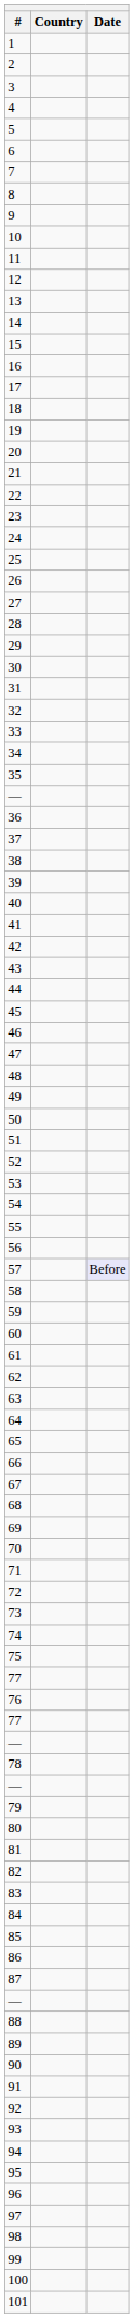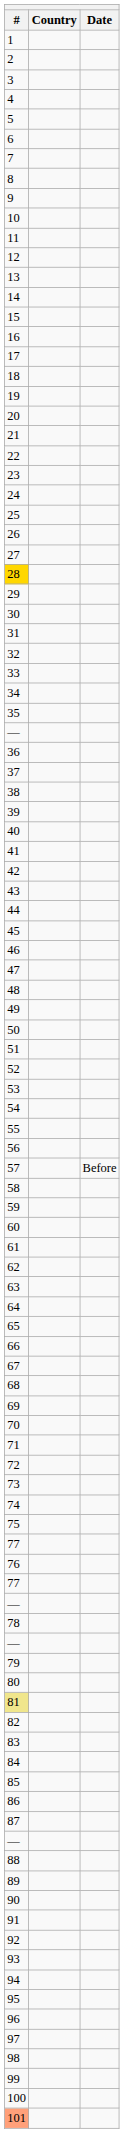 <table class="wikitable sortable">
 <tr>
 <th colspan="3"></th>
 </tr>
 <tr>
 <th>#</th>
 <th>Country</th>
 <th>Date</th>
 </tr>
 <tr>
 <td>1</td>
 <td></td>
 <td></td>
 </tr>
 <tr>
 <td>2</td>
 <td></td>
 <td></td>
 </tr>
 <tr>
 <td>3</td>
 <td></td>
 <td></td>
 </tr>
 <tr>
 <td>4</td>
 <td></td>
 <td></td>
 </tr>
 <tr>
 <td>5</td>
 <td></td>
 <td></td>
 </tr>
 <tr>
 <td>6</td>
 <td></td>
 <td></td>
 </tr>
 <tr>
 <td>7</td>
 <td></td>
 <td></td>
 </tr>
 <tr>
 <td>8</td>
 <td></td>
 <td></td>
 </tr>
 <tr>
 <td>9</td>
 <td></td>
 <td></td>
 </tr>
 <tr>
 <td>10</td>
 <td></td>
 <td></td>
 </tr>
 <tr>
 <td>11</td>
 <td></td>
 <td></td>
 </tr>
 <tr>
 <td>12</td>
 <td></td>
 <td></td>
 </tr>
 <tr>
 <td>13</td>
 <td></td>
 <td></td>
 </tr>
 <tr>
 <td>14</td>
 <td></td>
 <td></td>
 </tr>
 <tr>
 <td>15</td>
 <td></td>
 <td></td>
 </tr>
 <tr>
 <td>16</td>
 <td></td>
 <td></td>
 </tr>
 <tr>
 <td>17</td>
 <td></td>
 <td></td>
 </tr>
 <tr>
 <td>18</td>
 <td></td>
 <td></td>
 </tr>
 <tr>
 <td>19</td>
 <td></td>
 <td></td>
 </tr>
 <tr>
 <td>20</td>
 <td></td>
 <td></td>
 </tr>
 <tr>
 <td>21</td>
 <td></td>
 <td></td>
 </tr>
 <tr>
 <td>22</td>
 <td></td>
 <td></td>
 </tr>
 <tr>
 <td>23</td>
 <td></td>
 <td></td>
 </tr>
 <tr>
 <td>24</td>
 <td></td>
 <td></td>
 </tr>
 <tr>
 <td>25</td>
 <td></td>
 <td></td>
 </tr>
 <tr>
 <td>26</td>
 <td></td>
 <td></td>
 </tr>
 <tr>
 <td>27</td>
 <td></td>
 <td></td>
 </tr>
 <tr>
-<td>28</td>
+<td style="background: gold;">28</td>
 <td></td>
 <td></td>
 </tr>
 <tr>
 <td>29</td>
 <td></td>
 <td></td>
 </tr>
 <tr>
 <td>30</td>
 <td></td>
 <td></td>
 </tr>
 <tr>
 <td>31</td>
 <td></td>
 <td></td>
 </tr>
 <tr>
 <td>32</td>
 <td></td>
 <td></td>
 </tr>
 <tr>
 <td>33</td>
 <td></td>
 <td></td>
 </tr>
 <tr>
 <td>34</td>
 <td></td>
 <td></td>
 </tr>
 <tr>
 <td>35</td>
 <td></td>
 <td></td>
 </tr>
 <tr>
 <td>—</td>
 <td></td>
 <td></td>
 </tr>
 <tr>
 <td>36</td>
 <td></td>
 <td></td>
 </tr>
 <tr>
 <td>37</td>
 <td></td>
 <td></td>
 </tr>
 <tr>
 <td>38</td>
 <td></td>
 <td></td>
 </tr>
 <tr>
 <td>39</td>
 <td></td>
 <td></td>
 </tr>
 <tr>
 <td>40</td>
 <td></td>
 <td></td>
 </tr>
 <tr>
 <td>41</td>
 <td></td>
 <td></td>
 </tr>
 <tr>
 <td>42</td>
 <td></td>
 <td></td>
 </tr>
 <tr>
 <td>43</td>
 <td></td>
 <td></td>
 </tr>
 <tr>
 <td>44</td>
 <td></td>
 <td></td>
 </tr>
 <tr>
 <td>45</td>
 <td></td>
 <td></td>
 </tr>
 <tr>
 <td>46</td>
 <td></td>
 <td></td>
 </tr>
 <tr>
 <td>47</td>
 <td></td>
 <td></td>
 </tr>
 <tr>
 <td>48</td>
 <td></td>
 <td></td>
 </tr>
 <tr>
 <td>49</td>
 <td></td>
 <td></td>
 </tr>
 <tr>
 <td>50</td>
 <td></td>
 <td></td>
 </tr>
 <tr>
 <td>51</td>
 <td></td>
 <td></td>
 </tr>
 <tr>
 <td>52</td>
 <td></td>
 <td></td>
 </tr>
 <tr>
 <td>53</td>
 <td></td>
 <td></td>
 </tr>
 <tr>
 <td>54</td>
 <td></td>
 <td></td>
 </tr>
 <tr>
 <td>55</td>
 <td></td>
 <td></td>
 </tr>
 <tr>
 <td>56</td>
 <td></td>
 <td></td>
 </tr>
 <tr>
 <td>57</td>
 <td></td>
-<td style="background: lavender;">Before </td>
+<td>Before </td>
 </tr>
 <tr>
 <td>58</td>
 <td></td>
 <td></td>
 </tr>
 <tr>
 <td>59</td>
 <td></td>
 <td></td>
 </tr>
 <tr>
 <td>60</td>
 <td></td>
 <td></td>
 </tr>
 <tr>
 <td>61</td>
 <td></td>
 <td></td>
 </tr>
 <tr>
 <td>62</td>
 <td></td>
 <td></td>
 </tr>
 <tr>
 <td>63</td>
 <td></td>
 <td></td>
 </tr>
 <tr>
 <td>64</td>
 <td></td>
 <td></td>
 </tr>
 <tr>
 <td>65</td>
 <td></td>
 <td></td>
 </tr>
 <tr>
 <td>66</td>
 <td></td>
 <td></td>
 </tr>
 <tr>
 <td>67</td>
 <td></td>
 <td></td>
 </tr>
 <tr>
 <td>68</td>
 <td></td>
 <td></td>
 </tr>
 <tr>
 <td>69</td>
 <td></td>
 <td></td>
 </tr>
 <tr>
 <td>70</td>
 <td></td>
 <td></td>
 </tr>
 <tr>
 <td>71</td>
 <td></td>
 <td></td>
 </tr>
 <tr>
 <td>72</td>
 <td></td>
 <td></td>
 </tr>
 <tr>
 <td>73</td>
 <td></td>
 <td></td>
 </tr>
 <tr>
 <td>74</td>
 <td></td>
 <td></td>
 </tr>
 <tr>
 <td>75</td>
 <td></td>
 <td></td>
 </tr>
 <tr>
 <td>77</td>
 <td></td>
 <td></td>
 </tr>
 <tr>
 <td>76</td>
 <td></td>
 <td></td>
 </tr>
 <tr>
 <td>77</td>
 <td></td>
 <td></td>
 </tr>
 <tr>
 <td>—</td>
 <td></td>
 <td></td>
 </tr>
 <tr>
 <td>78</td>
 <td></td>
 <td></td>
 </tr>
 <tr>
 <td>—</td>
 <td></td>
 <td></td>
 </tr>
 <tr>
 <td>79</td>
 <td></td>
 <td></td>
 </tr>
 <tr>
 <td>80</td>
 <td></td>
 <td></td>
 </tr>
 <tr>
-<td>81</td>
+<td style="background: khaki;">81</td>
 <td></td>
 <td></td>
 </tr>
 <tr>
 <td>82</td>
 <td></td>
 <td></td>
 </tr>
 <tr>
 <td>83</td>
 <td></td>
 <td></td>
 </tr>
 <tr>
 <td>84</td>
 <td></td>
 <td></td>
 </tr>
 <tr>
 <td>85</td>
 <td></td>
 <td></td>
 </tr>
 <tr>
 <td>86</td>
 <td></td>
 <td></td>
 </tr>
 <tr>
 <td>87</td>
 <td></td>
 <td></td>
 </tr>
 <tr>
 <td>—</td>
 <td></td>
 <td></td>
 </tr>
 <tr>
 <td>88</td>
 <td></td>
 <td></td>
 </tr>
 <tr>
 <td>89</td>
 <td></td>
 <td></td>
 </tr>
 <tr>
 <td>90</td>
 <td></td>
 <td></td>
 </tr>
 <tr>
 <td>91</td>
 <td></td>
 <td></td>
 </tr>
 <tr>
 <td>92</td>
 <td></td>
 <td></td>
 </tr>
 <tr>
 <td>93</td>
 <td></td>
 <td></td>
 </tr>
 <tr>
 <td>94</td>
 <td></td>
 <td></td>
 </tr>
 <tr>
 <td>95</td>
 <td></td>
 <td></td>
 </tr>
 <tr>
 <td>96</td>
 <td></td>
 <td></td>
 </tr>
 <tr>
 <td>97</td>
 <td></td>
 <td></td>
 </tr>
 <tr>
 <td>98</td>
 <td></td>
 <td></td>
 </tr>
 <tr>
 <td>99</td>
 <td></td>
 <td></td>
 </tr>
 <tr>
 <td>100</td>
 <td></td>
 <td></td>
 </tr>
 <tr>
-<td>101</td>
+<td style="background: lightsalmon;">101</td>
 <td></td>
 <td></td>
 </tr>
 </table>
